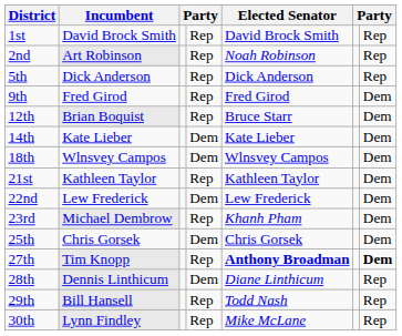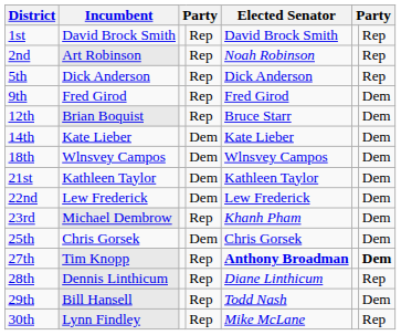 <table class="sortable wikitable" style="font-size:95%;line-height:14px;">
 <tr>
 <th class="unsortable"><a href='#'>District</a></th>
 <th class="unsortable"><a href='#'>Incumbent</a></th>
 <th colspan="2">Party</th>
 <th class="unsortable">Elected Senator</th>
 <th colspan="2">Party</th>
 </tr>
 <tr>
 <td><a href='#'>1st</a></td>
 <td><a href='#'>David Brock Smith</a></td>
 <td style="background:"></td>
 <td>Rep</td>
 <td><a href='#'>David Brock Smith</a></td>
 <td style="background:"></td>
 <td>Rep</td>
 </tr>
 <tr>
 <td><a href='#'>2nd</a></td>
 <td style="background:#E9E9E9;"><a href='#'>Art Robinson</a></td>
 <td style="background:"></td>
 <td>Rep</td>
 <td><em><a href='#'>Noah Robinson</a></em></td>
 <td style="background:"></td>
 <td>Rep</td>
 </tr>
 <tr>
 <td><a href='#'>5th</a></td>
 <td><a href='#'>Dick Anderson</a></td>
 <td style="background:"></td>
 <td>Rep</td>
 <td><a href='#'>Dick Anderson</a></td>
 <td style="background:"></td>
 <td>Rep</td>
 </tr>
 <tr>
 <td><a href='#'>9th</a></td>
 <td><a href='#'>Fred Girod</a></td>
 <td style="background:"></td>
 <td>Rep</td>
 <td><a href='#'>Fred Girod</a></td>
 <td style="background:"></td>
 <td>Dem</td>
 </tr>
 <tr>
 <td><a href='#'>12th</a></td>
 <td style="background:#E9E9E9;"><a href='#'>Brian Boquist</a></td>
 <td style="background:"></td>
 <td>Rep</td>
 <td><a href='#'>Bruce Starr</a></td>
 <td style="background:"></td>
 <td>Dem</td>
 </tr>
 <tr>
 <td><a href='#'>14th</a></td>
 <td><a href='#'>Kate Lieber</a></td>
 <td style="background:"></td>
 <td>Dem</td>
 <td><a href='#'>Kate Lieber</a></td>
 <td style="background:"></td>
 <td>Dem</td>
 </tr>
 <tr>
 <td><a href='#'>18th</a></td>
 <td><a href='#'>Wlnsvey Campos</a></td>
 <td style="background:"></td>
 <td>Dem</td>
 <td><a href='#'>Wlnsvey Campos</a></td>
 <td style="background:"></td>
 <td>Dem</td>
 </tr>
 <tr>
 <td><a href='#'>21st</a></td>
 <td><a href='#'>Kathleen Taylor</a></td>
 <td style="background:"></td>
-<td>Rep</td>
+<td>Dem</td>
 <td><a href='#'>Kathleen Taylor</a></td>
 <td style="background:"></td>
 <td>Dem</td>
 </tr>
 <tr>
 <td><a href='#'>22nd</a></td>
 <td><a href='#'>Lew Frederick</a></td>
 <td style="background:"></td>
 <td>Dem</td>
 <td><a href='#'>Lew Frederick</a></td>
 <td style="background:"></td>
 <td>Dem</td>
 </tr>
 <tr>
 <td><a href='#'>23rd</a></td>
 <td style="background:#E9E9E9;"><a href='#'>Michael Dembrow</a></td>
 <td style="background:"></td>
 <td>Rep</td>
 <td><em><a href='#'>Khanh Pham</a></em></td>
 <td style="background:"></td>
 <td>Dem</td>
 </tr>
 <tr>
 <td><a href='#'>25th</a></td>
 <td><a href='#'>Chris Gorsek</a></td>
 <td style="background:"></td>
 <td>Dem</td>
 <td><a href='#'>Chris Gorsek</a></td>
 <td style="background:"></td>
 <td>Dem</td>
 </tr>
 <tr>
 <td><a href='#'>27th</a></td>
 <td style="background:#E9E9E9;"><a href='#'>Tim Knopp</a></td>
 <td style="background:"></td>
 <td>Rep</td>
 <td><strong><a href='#'>Anthony Broadman</a></strong></td>
 <td style="background:"></td>
 <td><strong>Dem</strong></td>
 </tr>
 <tr>
 <td><a href='#'>28th</a></td>
 <td style="background:#E9E9E9;"><a href='#'>Dennis Linthicum</a></td>
 <td style="background:"></td>
-<td>Dem</td>
+<td>Rep</td>
 <td><em><a href='#'>Diane Linthicum</a></em></td>
 <td style="background:"></td>
 <td>Rep</td>
 </tr>
 <tr>
 <td><a href='#'>29th</a></td>
 <td style="background:#E9E9E9;"><a href='#'>Bill Hansell</a></td>
 <td style="background:"></td>
 <td>Rep</td>
 <td><em><a href='#'>Todd Nash</a></em></td>
 <td style="background:"></td>
-<td>Rep</td>
+<td>Dem</td>
 </tr>
 <tr>
 <td><a href='#'>30th</a></td>
 <td style="background:#E9E9E9;"><a href='#'>Lynn Findley</a></td>
 <td style="background:"></td>
 <td>Rep</td>
 <td><em><a href='#'>Mike McLane</a></em></td>
 <td style="background:"></td>
 <td>Rep</td>
 </tr>
 </table>
